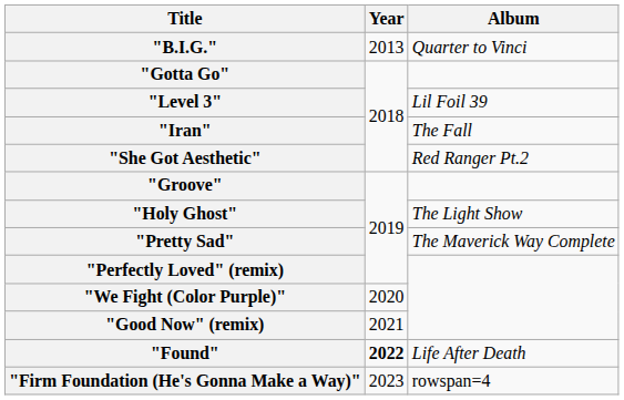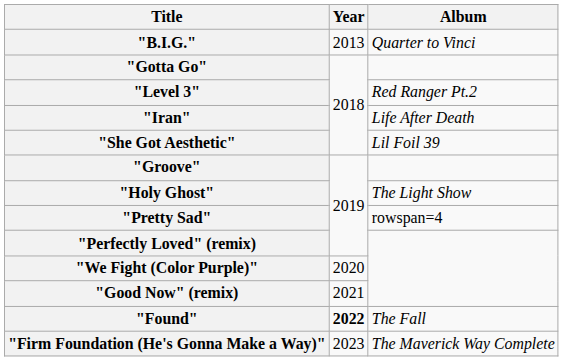 <table class="wikitable plainrowheaders">
 <tr>
 <th scope=col>Title</th>
 <th scope=col>Year</th>
 <th scope=col>Album</th>
 </tr>
 <tr>
 <th scope=row>"B.I.G."<br></th>
 <td>2013</td>
 <td><em>Quarter to Vinci</em></td>
 </tr>
 <tr>
 <th scope=row>"Gotta Go"<br></th>
 <td rowspan=4>2018</td>
 <td></td>
 </tr>
 <tr>
 <th scope=row>"Level 3"<br></th>
-<td><em>Lil Foil 39</em></td>
+<td><em>Red Ranger Pt.2</em></td>
 </tr>
 <tr>
 <th scope=row>"Iran"<br></th>
-<td><em>The Fall</em></td>
+<td><em>Life After Death</em></td>
 </tr>
 <tr>
 <th scope=row>"She Got Aesthetic"<br></th>
-<td><em>Red Ranger Pt.2</em></td>
+<td><em>Lil Foil 39</em></td>
 </tr>
 <tr>
 <th scope=row>"Groove"<br></th>
 <td rowspan=4>2019</td>
 <td></td>
 </tr>
 <tr>
 <th scope=row>"Holy Ghost"<br></th>
 <td><em>The Light Show</em></td>
 </tr>
 <tr>
 <th scope=row>"Pretty Sad"<br></th>
-<td><em>The Maverick Way Complete</em></td>
+<td>rowspan=4</td>
 </tr>
 <tr>
 <th scope=row>"Perfectly Loved" (remix)<br></th>
 </tr>
 <tr>
 <th scope=row>"We Fight (Color Purple)"<br></th>
 <td>2020</td>
 </tr>
 <tr>
 <th scope=row>"Good Now" (remix)<br></th>
 <td>2021</td>
 </tr>
 <tr>
 <th scope=row>"Found"<br></th>
 <td><strong>2022</strong></td>
-<td><em>Life After Death</em></td>
+<td><em>The Fall</em></td>
 </tr>
 <tr>
 <th scope=row>"Firm Foundation (He's Gonna Make a Way)"<br></th>
 <td>2023</td>
-<td>rowspan=4</td>
+<td><em>The Maverick Way Complete</em></td>
 </tr>
 </table>
